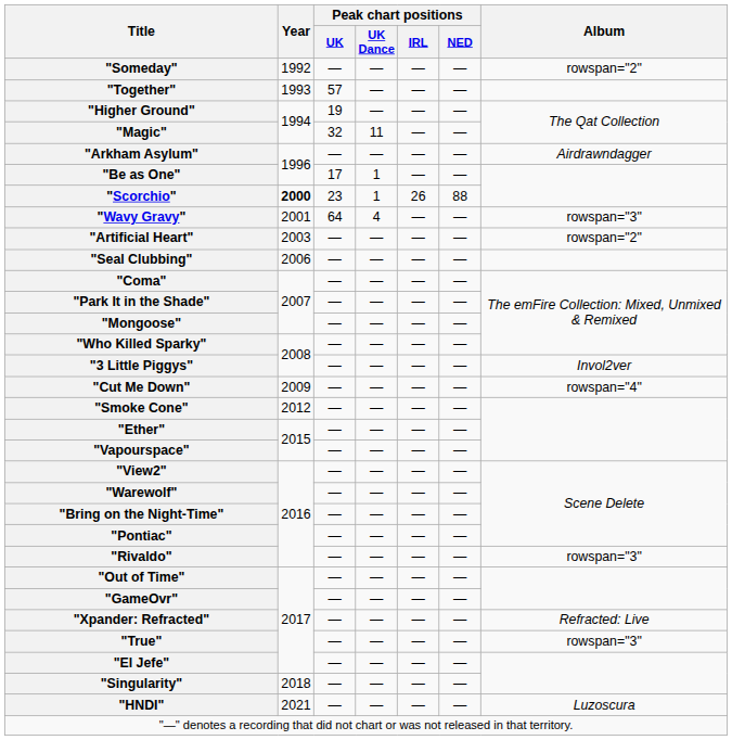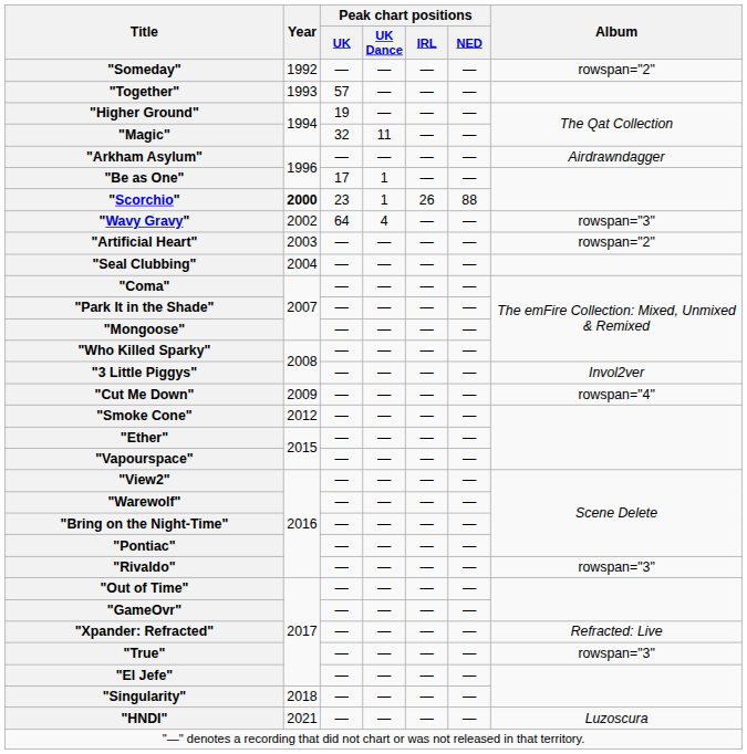 <table class="wikitable plainrowheaders" style="text-align:center;">
 <tr>
 <th scope="col" rowspan="2" style="width:20em;">Title</th>
 <th scope="col" rowspan="2" style="width:1em;">Year</th>
 <th scope="col" colspan="4">Peak chart positions</th>
 <th scope="col" rowspan="2" style="width:18em;">Album</th>
 </tr>
 <tr>
 <th scope="col" style="width:3em;font-size:90%;"><a href='#'>UK</a><br></th>
 <th scope="col" style="width:3em;font-size:90%;"><a href='#'>UK<br>Dance</a><br></th>
 <th scope="col" style="width:3em;font-size:90%;"><a href='#'>IRL</a><br></th>
 <th scope="col" style="width:3em;font-size:90%;"><a href='#'>NED</a><br></th>
 </tr>
 <tr>
 <th scope="row">"Someday"<br></th>
 <td>1992</td>
 <td>—</td>
 <td>—</td>
 <td>—</td>
 <td>—</td>
 <td>rowspan="2" </td>
 </tr>
 <tr>
 <th scope="row">"Together"<br></th>
 <td>1993</td>
 <td>57</td>
 <td>—</td>
 <td>—</td>
 <td>—</td>
 </tr>
 <tr>
 <th scope="row">"Higher Ground"<br></th>
 <td rowspan="2">1994</td>
 <td>19</td>
 <td>—</td>
 <td>—</td>
 <td>—</td>
 <td rowspan="2"><em>The Qat Collection</em></td>
 </tr>
 <tr>
 <th scope="row">"Magic"<br></th>
 <td>32</td>
 <td>11</td>
 <td>—</td>
 <td>—</td>
 </tr>
 <tr>
 <th scope="row">"Arkham Asylum"</th>
 <td rowspan="2">1996</td>
 <td>—</td>
 <td>—</td>
 <td>—</td>
 <td>—</td>
 <td><em>Airdrawndagger</em></td>
 </tr>
 <tr>
 <th scope="row">"Be as One"<br></th>
 <td>17</td>
 <td>1</td>
 <td>—</td>
 <td>—</td>
 </tr>
 <tr>
 <th scope="row">"<a href='#'>Scorchio</a>"<br></th>
 <td><strong>2000</strong></td>
 <td>23</td>
 <td>1</td>
 <td>26</td>
 <td>88</td>
 </tr>
 <tr>
 <th scope="row">"<a href='#'>Wavy Gravy</a>"</th>
-<td>2001</td>
+<td>2002</td>
 <td>64</td>
 <td>4</td>
 <td>—</td>
 <td>—</td>
 <td>rowspan="3" </td>
 </tr>
 <tr>
 <th scope="row">"Artificial Heart"</th>
 <td>2003</td>
 <td>—</td>
 <td>—</td>
 <td>—</td>
 <td>—</td>
 <td>rowspan="2" </td>
 </tr>
 <tr>
 <th scope="row">"Seal Clubbing"<br></th>
-<td>2006</td>
+<td>2004</td>
 <td>—</td>
 <td>—</td>
 <td>—</td>
 <td>—</td>
 </tr>
 <tr>
 <th scope="row">"Coma"</th>
 <td rowspan="3">2007</td>
 <td>—</td>
 <td>—</td>
 <td>—</td>
 <td>—</td>
 <td rowspan="4"><em>The emFire Collection: Mixed, Unmixed & Remixed</em></td>
 </tr>
 <tr>
 <th scope="row">"Park It in the Shade"</th>
 <td>—</td>
 <td>—</td>
 <td>—</td>
 <td>—</td>
 </tr>
 <tr>
 <th scope="row">"Mongoose"</th>
 <td>—</td>
 <td>—</td>
 <td>—</td>
 <td>—</td>
 </tr>
 <tr>
 <th scope="row">"Who Killed Sparky"</th>
 <td rowspan="2">2008</td>
 <td>—</td>
 <td>—</td>
 <td>—</td>
 <td>—</td>
 </tr>
 <tr>
 <th scope="row">"3 Little Piggys"</th>
 <td>—</td>
 <td>—</td>
 <td>—</td>
 <td>—</td>
 <td><em>Invol2ver</em></td>
 </tr>
 <tr>
 <th scope="row">"Cut Me Down"<br></th>
 <td>2009</td>
 <td>—</td>
 <td>—</td>
 <td>—</td>
 <td>—</td>
 <td>rowspan="4" </td>
 </tr>
 <tr>
 <th scope="row">"Smoke Cone"<br></th>
 <td>2012</td>
 <td>—</td>
 <td>—</td>
 <td>—</td>
 <td>—</td>
 </tr>
 <tr>
 <th scope="row">"Ether"</th>
 <td rowspan="2">2015</td>
 <td>—</td>
 <td>—</td>
 <td>—</td>
 <td>—</td>
 </tr>
 <tr>
 <th scope="row">"Vapourspace"</th>
 <td>—</td>
 <td>—</td>
 <td>—</td>
 <td>—</td>
 </tr>
 <tr>
 <th scope="row">"View2"</th>
 <td rowspan="5">2016</td>
 <td>—</td>
 <td>—</td>
 <td>—</td>
 <td>—</td>
 <td rowspan="4"><em>Scene Delete</em></td>
 </tr>
 <tr>
 <th scope="row">"Warewolf"</th>
 <td>—</td>
 <td>—</td>
 <td>—</td>
 <td>—</td>
 </tr>
 <tr>
 <th scope="row">"Bring on the Night-Time"<br></th>
 <td>—</td>
 <td>—</td>
 <td>—</td>
 <td>—</td>
 </tr>
 <tr>
 <th scope="row">"Pontiac"</th>
 <td>—</td>
 <td>—</td>
 <td>—</td>
 <td>—</td>
 </tr>
 <tr>
 <th scope="row">"Rivaldo"</th>
 <td>—</td>
 <td>—</td>
 <td>—</td>
 <td>—</td>
 <td>rowspan="3" </td>
 </tr>
 <tr>
 <th scope="row">"Out of Time"<br></th>
 <td rowspan="5">2017</td>
 <td>—</td>
 <td>—</td>
 <td>—</td>
 <td>—</td>
 </tr>
 <tr>
 <th scope="row">"GameOvr"</th>
 <td>—</td>
 <td>—</td>
 <td>—</td>
 <td>—</td>
 </tr>
 <tr>
 <th scope="row">"Xpander: Refracted"</th>
 <td>—</td>
 <td>—</td>
 <td>—</td>
 <td>—</td>
 <td><em>Refracted: Live</em></td>
 </tr>
 <tr>
 <th scope="row">"True"<br></th>
 <td>—</td>
 <td>—</td>
 <td>—</td>
 <td>—</td>
 <td>rowspan="3" </td>
 </tr>
 <tr>
 <th scope="row">"El Jefe"<br></th>
 <td>—</td>
 <td>—</td>
 <td>—</td>
 <td>—</td>
 </tr>
 <tr>
 <th scope="row">"Singularity"</th>
 <td>2018</td>
 <td>—</td>
 <td>—</td>
 <td>—</td>
 <td>—</td>
 </tr>
 <tr>
 <th scope="row">"HNDI"</th>
 <td>2021</td>
 <td>—</td>
 <td>—</td>
 <td>—</td>
 <td>—</td>
 <td><em>Luzoscura</em></td>
 </tr>
 <tr>
 <td colspan="13" style="font-size:90%">"—" denotes a recording that did not chart or was not released in that territory.</td>
 </tr>
 </table>
